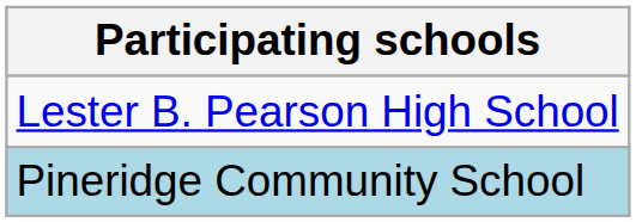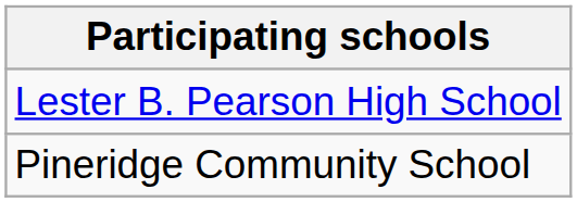 <table class="wikitable" align=right>
 <tr>
 <th>Participating schools</th>
 </tr>
 <tr>
 <td><a href='#'>Lester B. Pearson High School</a></td>
 </tr>
 <tr>
-<td style="background: lightblue;">Pineridge Community School</td>
+<td>Pineridge Community School</td>
 </tr>
 </table>
